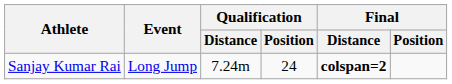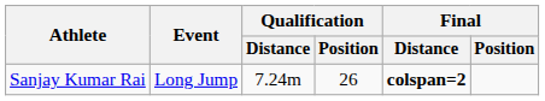 <table class="wikitable" style="font-size:90%">
 <tr>
 <th rowspan="2">Athlete</th>
 <th rowspan="2">Event</th>
 <th colspan="2">Qualification</th>
 <th colspan="2">Final</th>
 </tr>
 <tr style="font-size:95%">
 <th>Distance</th>
 <th>Position</th>
 <th>Distance</th>
 <th>Position</th>
 </tr>
 <tr style=text-align:center>
 <td style=text-align:left><a href='#'>Sanjay Kumar Rai</a></td>
 <td style="text-align:left"><a href='#'>Long Jump</a></td>
 <td>7.24m</td>
-<td>24</td>
+<td>26</td>
 <td><strong>colspan=2 </strong></td>
 </tr>
 </table>
